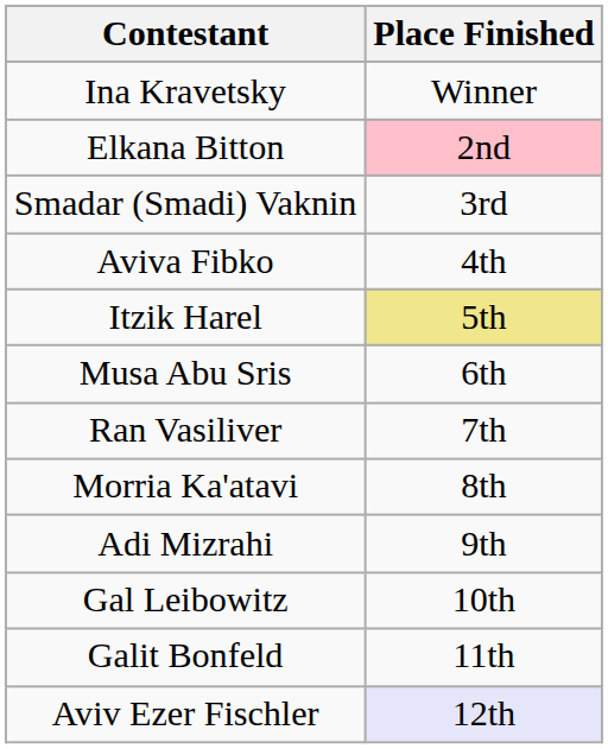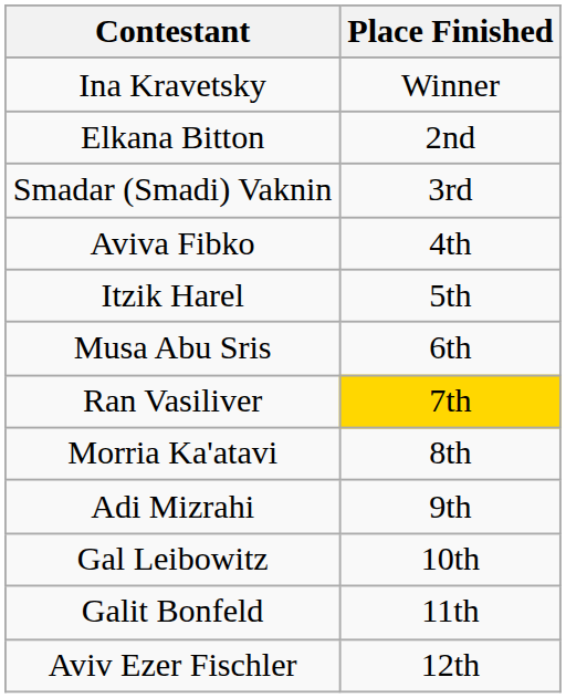 <table class="wikitable" style="text-align:center">
 <tr>
 <th>Contestant</th>
 <th>Place Finished</th>
 </tr>
 <tr>
 <td>Ina Kravetsky</td>
 <td>Winner</td>
 </tr>
 <tr>
 <td>Elkana Bitton</td>
-<td style="background: pink;">2nd</td>
+<td>2nd</td>
 </tr>
 <tr>
 <td>Smadar (Smadi) Vaknin</td>
 <td>3rd</td>
 </tr>
 <tr>
 <td>Aviva Fibko</td>
 <td>4th</td>
 </tr>
 <tr>
 <td>Itzik Harel</td>
-<td style="background: khaki;">5th</td>
+<td>5th</td>
 </tr>
 <tr>
 <td>Musa Abu Sris</td>
 <td>6th</td>
 </tr>
 <tr>
 <td>Ran Vasiliver</td>
-<td>7th</td>
+<td style="background: gold;">7th</td>
 </tr>
 <tr>
 <td>Morria Ka'atavi</td>
 <td>8th</td>
 </tr>
 <tr>
 <td>Adi Mizrahi</td>
 <td>9th</td>
 </tr>
 <tr>
 <td>Gal Leibowitz</td>
 <td>10th</td>
 </tr>
 <tr>
 <td>Galit Bonfeld</td>
 <td>11th</td>
 </tr>
 <tr>
 <td>Aviv Ezer Fischler</td>
-<td style="background: lavender;">12th</td>
+<td>12th</td>
 </tr>
 </table>
